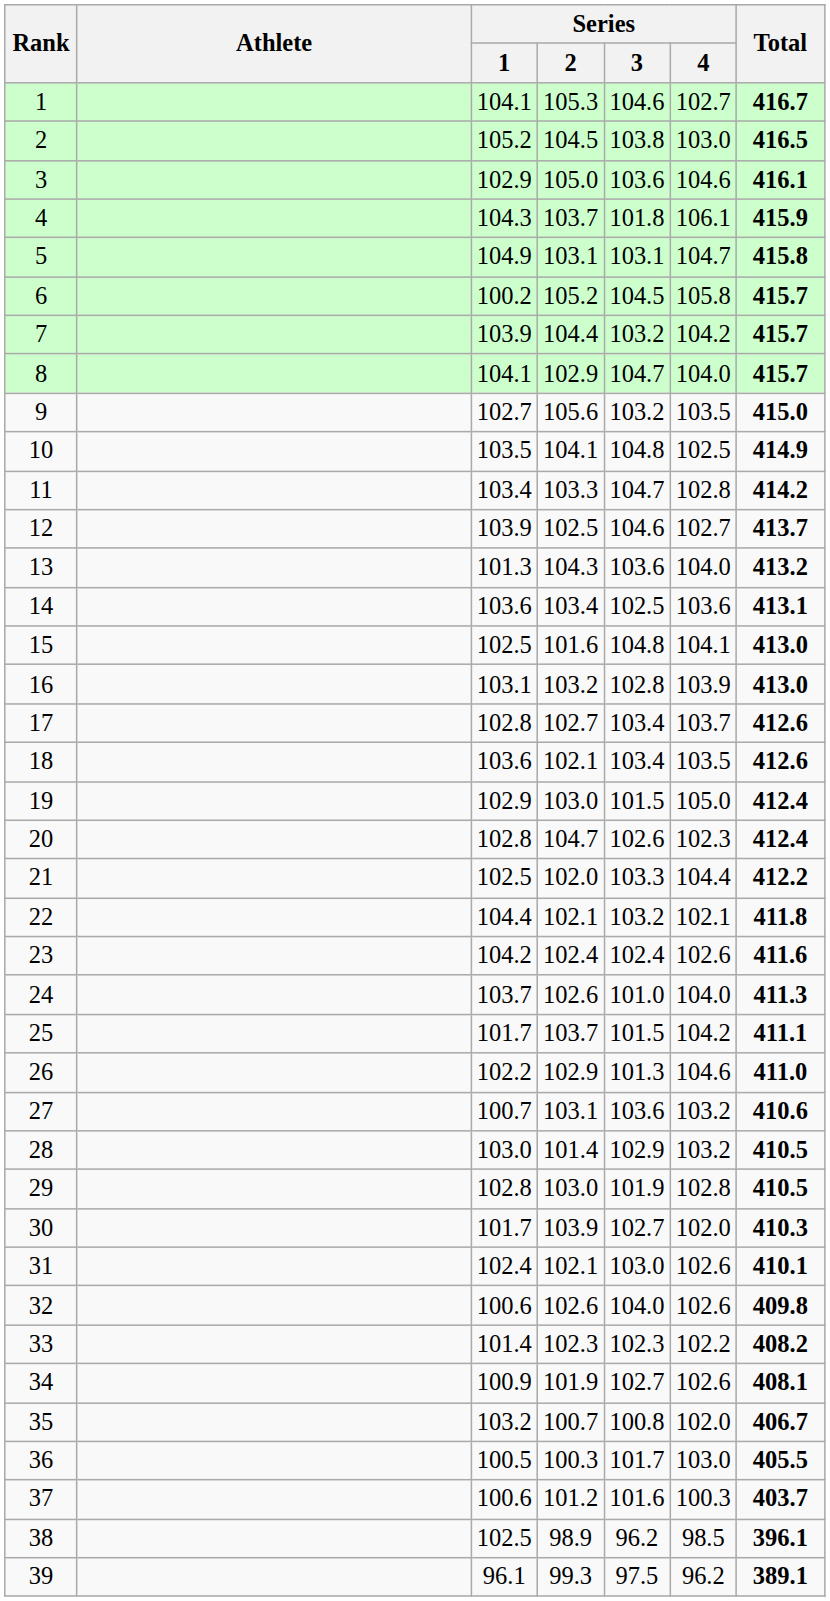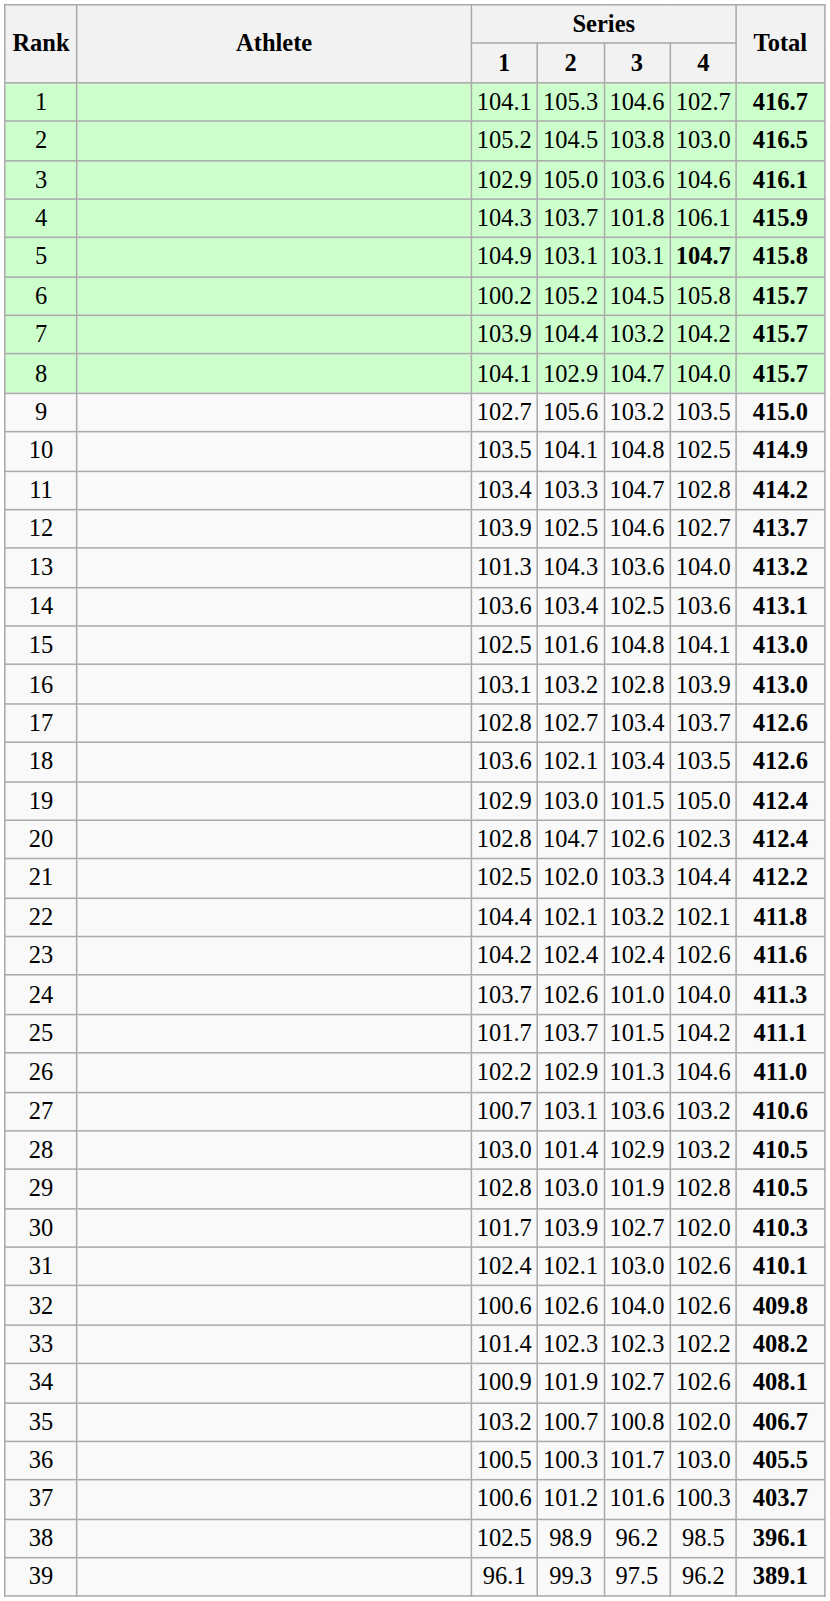 <table class="wikitable sortable" style="text-align:center">
 <tr>
 <th rowspan=2 width=40>Rank</th>
 <th rowspan=2 width=250>Athlete</th>
 <th colspan=4>Series</th>
 <th rowspan=2 width=50>Total</th>
 </tr>
 <tr>
 <th width=30>1</th>
 <th width=30>2</th>
 <th width=30>3</th>
 <th width=30>4</th>
 </tr>
 <tr bgcolor=ccffcc>
 <td>1</td>
 <td align=left></td>
 <td>104.1</td>
 <td>105.3</td>
 <td>104.6</td>
 <td>102.7</td>
 <td><strong>416.7</strong></td>
 </tr>
 <tr bgcolor=ccffcc>
 <td>2</td>
 <td align=left></td>
 <td>105.2</td>
 <td>104.5</td>
 <td>103.8</td>
 <td>103.0</td>
 <td><strong>416.5</strong></td>
 </tr>
 <tr bgcolor=ccffcc>
 <td>3</td>
 <td align=left></td>
 <td>102.9</td>
 <td>105.0</td>
 <td>103.6</td>
 <td>104.6</td>
 <td><strong>416.1</strong></td>
 </tr>
 <tr bgcolor=ccffcc>
 <td>4</td>
 <td align=left></td>
 <td>104.3</td>
 <td>103.7</td>
 <td>101.8</td>
 <td>106.1</td>
 <td><strong>415.9</strong></td>
 </tr>
 <tr bgcolor=ccffcc>
 <td>5</td>
 <td align=left></td>
 <td>104.9</td>
 <td>103.1</td>
 <td>103.1</td>
-<td>104.7</td>
+<td><strong>104.7</strong></td>
 <td><strong>415.8</strong></td>
 </tr>
 <tr bgcolor=ccffcc>
 <td>6</td>
 <td align=left></td>
 <td>100.2</td>
 <td>105.2</td>
 <td>104.5</td>
 <td>105.8</td>
 <td><strong>415.7</strong></td>
 </tr>
 <tr bgcolor=ccffcc>
 <td>7</td>
 <td align=left></td>
 <td>103.9</td>
 <td>104.4</td>
 <td>103.2</td>
 <td>104.2</td>
 <td><strong>415.7</strong></td>
 </tr>
 <tr bgcolor=ccffcc>
 <td>8</td>
 <td align=left></td>
 <td>104.1</td>
 <td>102.9</td>
 <td>104.7</td>
 <td>104.0</td>
 <td><strong>415.7</strong></td>
 </tr>
 <tr>
 <td>9</td>
 <td align=left></td>
 <td>102.7</td>
 <td>105.6</td>
 <td>103.2</td>
 <td>103.5</td>
 <td><strong>415.0</strong></td>
 </tr>
 <tr>
 <td>10</td>
 <td align=left></td>
 <td>103.5</td>
 <td>104.1</td>
 <td>104.8</td>
 <td>102.5</td>
 <td><strong>414.9</strong></td>
 </tr>
 <tr>
 <td>11</td>
 <td align=left></td>
 <td>103.4</td>
 <td>103.3</td>
 <td>104.7</td>
 <td>102.8</td>
 <td><strong>414.2</strong></td>
 </tr>
 <tr>
 <td>12</td>
 <td align=left></td>
 <td>103.9</td>
 <td>102.5</td>
 <td>104.6</td>
 <td>102.7</td>
 <td><strong>413.7</strong></td>
 </tr>
 <tr>
 <td>13</td>
 <td align=left></td>
 <td>101.3</td>
 <td>104.3</td>
 <td>103.6</td>
 <td>104.0</td>
 <td><strong>413.2</strong></td>
 </tr>
 <tr>
 <td>14</td>
 <td align=left></td>
 <td>103.6</td>
 <td>103.4</td>
 <td>102.5</td>
 <td>103.6</td>
 <td><strong>413.1</strong></td>
 </tr>
 <tr>
 <td>15</td>
 <td align=left></td>
 <td>102.5</td>
 <td>101.6</td>
 <td>104.8</td>
 <td>104.1</td>
 <td><strong>413.0</strong></td>
 </tr>
 <tr>
 <td>16</td>
 <td align=left></td>
 <td>103.1</td>
 <td>103.2</td>
 <td>102.8</td>
 <td>103.9</td>
 <td><strong>413.0</strong></td>
 </tr>
 <tr>
 <td>17</td>
 <td align=left></td>
 <td>102.8</td>
 <td>102.7</td>
 <td>103.4</td>
 <td>103.7</td>
 <td><strong>412.6</strong></td>
 </tr>
 <tr>
 <td>18</td>
 <td align=left></td>
 <td>103.6</td>
 <td>102.1</td>
 <td>103.4</td>
 <td>103.5</td>
 <td><strong>412.6</strong></td>
 </tr>
 <tr>
 <td>19</td>
 <td align=left></td>
 <td>102.9</td>
 <td>103.0</td>
 <td>101.5</td>
 <td>105.0</td>
 <td><strong>412.4</strong></td>
 </tr>
 <tr>
 <td>20</td>
 <td align=left></td>
 <td>102.8</td>
 <td>104.7</td>
 <td>102.6</td>
 <td>102.3</td>
 <td><strong>412.4</strong></td>
 </tr>
 <tr>
 <td>21</td>
 <td align=left></td>
 <td>102.5</td>
 <td>102.0</td>
 <td>103.3</td>
 <td>104.4</td>
 <td><strong>412.2</strong></td>
 </tr>
 <tr>
 <td>22</td>
 <td align=left></td>
 <td>104.4</td>
 <td>102.1</td>
 <td>103.2</td>
 <td>102.1</td>
 <td><strong>411.8</strong></td>
 </tr>
 <tr>
 <td>23</td>
 <td align=left></td>
 <td>104.2</td>
 <td>102.4</td>
 <td>102.4</td>
 <td>102.6</td>
 <td><strong>411.6</strong></td>
 </tr>
 <tr>
 <td>24</td>
 <td align=left></td>
 <td>103.7</td>
 <td>102.6</td>
 <td>101.0</td>
 <td>104.0</td>
 <td><strong>411.3</strong></td>
 </tr>
 <tr>
 <td>25</td>
 <td align=left></td>
 <td>101.7</td>
 <td>103.7</td>
 <td>101.5</td>
 <td>104.2</td>
 <td><strong>411.1</strong></td>
 </tr>
 <tr>
 <td>26</td>
 <td align=left></td>
 <td>102.2</td>
 <td>102.9</td>
 <td>101.3</td>
 <td>104.6</td>
 <td><strong>411.0</strong></td>
 </tr>
 <tr>
 <td>27</td>
 <td align=left></td>
 <td>100.7</td>
 <td>103.1</td>
 <td>103.6</td>
 <td>103.2</td>
 <td><strong>410.6</strong></td>
 </tr>
 <tr>
 <td>28</td>
 <td align=left></td>
 <td>103.0</td>
 <td>101.4</td>
 <td>102.9</td>
 <td>103.2</td>
 <td><strong>410.5</strong></td>
 </tr>
 <tr>
 <td>29</td>
 <td align=left></td>
 <td>102.8</td>
 <td>103.0</td>
 <td>101.9</td>
 <td>102.8</td>
 <td><strong>410.5</strong></td>
 </tr>
 <tr>
 <td>30</td>
 <td align=left></td>
 <td>101.7</td>
 <td>103.9</td>
 <td>102.7</td>
 <td>102.0</td>
 <td><strong>410.3</strong></td>
 </tr>
 <tr>
 <td>31</td>
 <td align=left></td>
 <td>102.4</td>
 <td>102.1</td>
 <td>103.0</td>
 <td>102.6</td>
 <td><strong>410.1</strong></td>
 </tr>
 <tr>
 <td>32</td>
 <td align=left></td>
 <td>100.6</td>
 <td>102.6</td>
 <td>104.0</td>
 <td>102.6</td>
 <td><strong>409.8</strong></td>
 </tr>
 <tr>
 <td>33</td>
 <td align=left></td>
 <td>101.4</td>
 <td>102.3</td>
 <td>102.3</td>
 <td>102.2</td>
 <td><strong>408.2</strong></td>
 </tr>
 <tr>
 <td>34</td>
 <td align=left></td>
 <td>100.9</td>
 <td>101.9</td>
 <td>102.7</td>
 <td>102.6</td>
 <td><strong>408.1</strong></td>
 </tr>
 <tr>
 <td>35</td>
 <td align=left></td>
 <td>103.2</td>
 <td>100.7</td>
 <td>100.8</td>
 <td>102.0</td>
 <td><strong>406.7</strong></td>
 </tr>
 <tr>
 <td>36</td>
 <td align=left></td>
 <td>100.5</td>
 <td>100.3</td>
 <td>101.7</td>
 <td>103.0</td>
 <td><strong>405.5</strong></td>
 </tr>
 <tr>
 <td>37</td>
 <td align=left></td>
 <td>100.6</td>
 <td>101.2</td>
 <td>101.6</td>
 <td>100.3</td>
 <td><strong>403.7</strong></td>
 </tr>
 <tr>
 <td>38</td>
 <td align=left></td>
 <td>102.5</td>
 <td>98.9</td>
 <td>96.2</td>
 <td>98.5</td>
 <td><strong>396.1</strong></td>
 </tr>
 <tr>
 <td>39</td>
 <td align=left></td>
 <td>96.1</td>
 <td>99.3</td>
 <td>97.5</td>
 <td>96.2</td>
 <td><strong>389.1</strong></td>
 </tr>
 </table>
